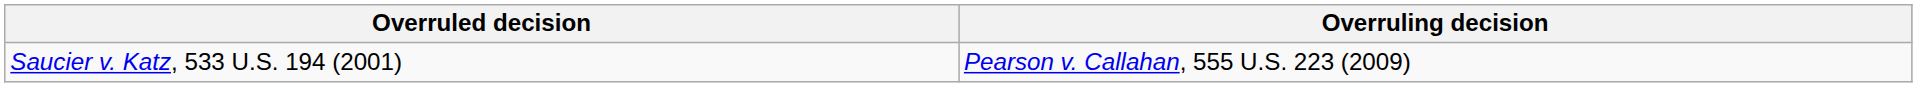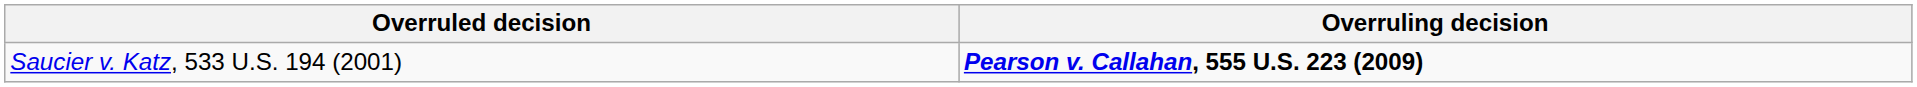 <table class="wikitable sortable collapsible" style="width:100%">
 <tr>
 <th width="50%">Overruled decision</th>
 <th width="50%">Overruling decision</th>
 </tr>
 <tr valign="top">
 <td><em><a href='#'>Saucier v. Katz</a></em>, 533 U.S. 194 (2001)</td>
-<td><em><a href='#'>Pearson v. Callahan</a></em>, 555 U.S. 223 (2009)</td>
+<td><strong><em><a href='#'>Pearson v. Callahan</a></em>, 555 U.S. 223 (2009)</strong></td>
 </tr>
 </table>
